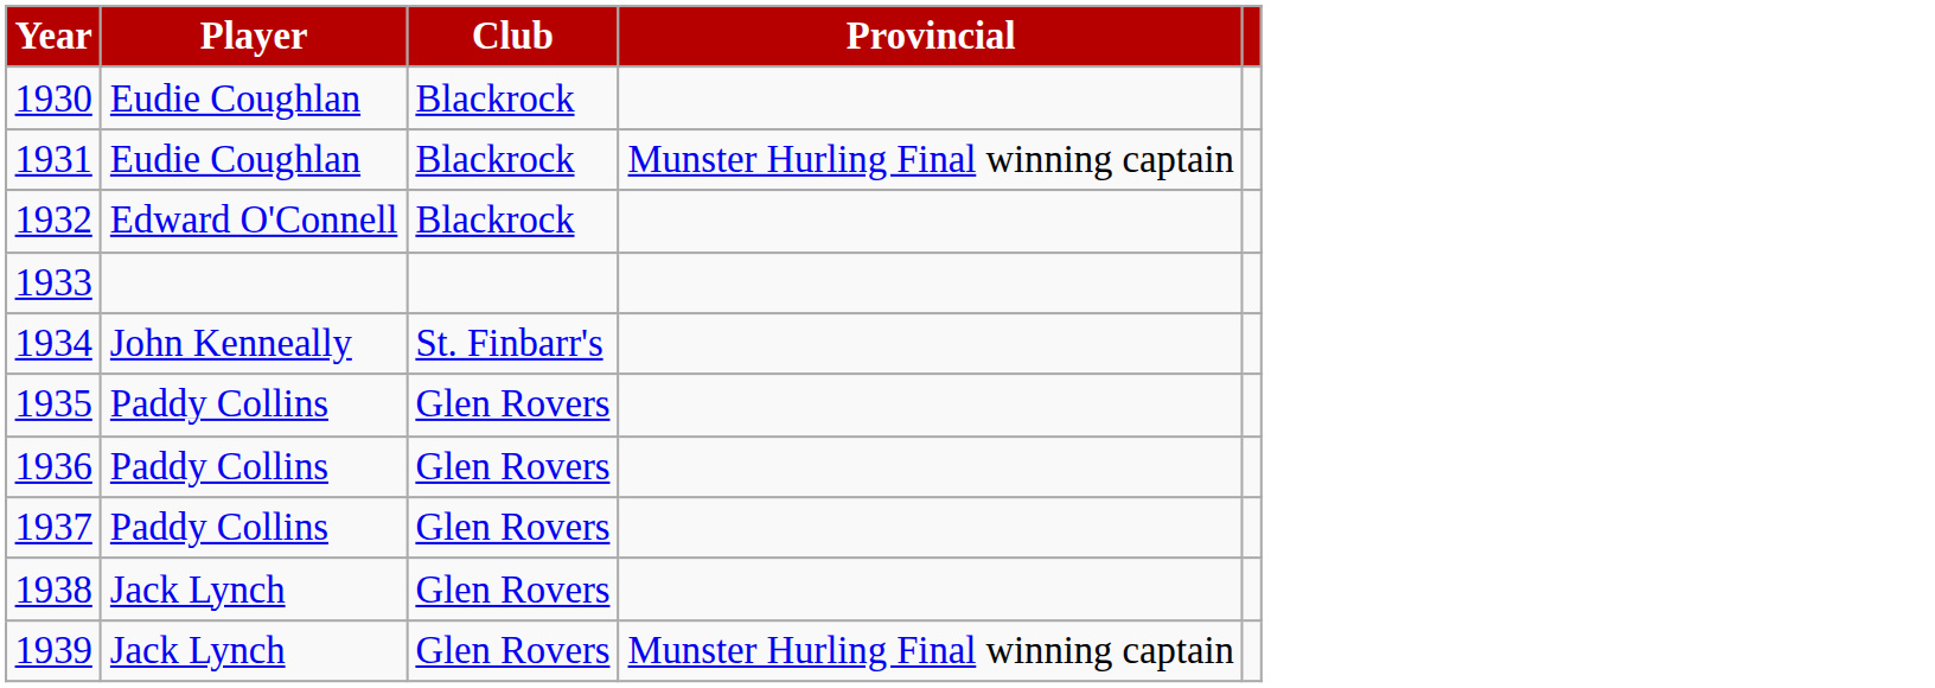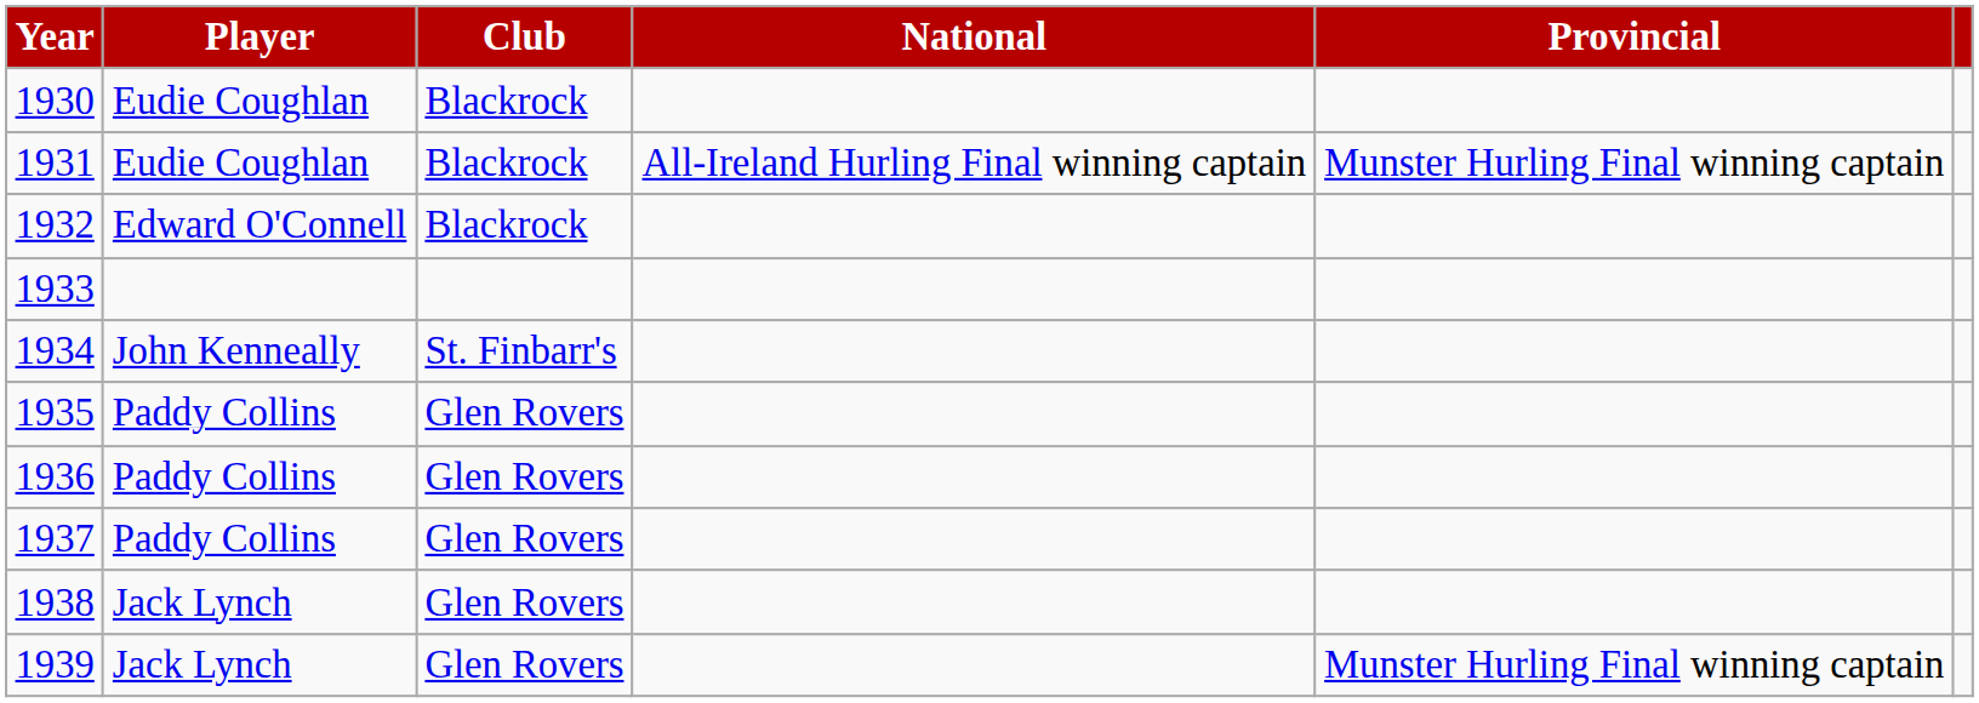 <table class="wikitable">
 <tr style="text-align:center;background:#B60000;color:white">
 <td><strong>Year</strong></td>
 <td><strong>Player</strong></td>
 <td><strong>Club</strong></td>
+<td><strong>National</strong></td>
 <td><strong>Provincial</strong></td>
 <td></td>
 </tr>
 <tr>
 <td style="text-align:left;"><a href='#'>1930</a></td>
 <td style="text-align:left;"><a href='#'>Eudie Coughlan</a></td>
 <td style="text-align:left;"><a href='#'>Blackrock</a></td>
 <td></td>
 <td></td>
+<td></td>
 </tr>
 <tr>
 <td style="text-align:left;"><a href='#'>1931</a></td>
 <td style="text-align:left;"><a href='#'>Eudie Coughlan</a></td>
 <td style="text-align:left;"><a href='#'>Blackrock</a></td>
+<td style="text-align:left;"><a href='#'>All-Ireland Hurling Final</a> winning captain</td>
 <td style="text-align:left;"><a href='#'>Munster Hurling Final</a> winning captain</td>
 <td></td>
 </tr>
 <tr>
 <td style="text-align:left;"><a href='#'>1932</a></td>
 <td style="text-align:left;"><a href='#'>Edward O'Connell</a></td>
 <td style="text-align:left;"><a href='#'>Blackrock</a></td>
 <td></td>
 <td></td>
+<td></td>
 </tr>
 <tr>
 <td style="text-align:left;"><a href='#'>1933</a></td>
 <td style="text-align:left;"></td>
 <td style="text-align:left;"></td>
+<td></td>
 <td></td>
 <td></td>
 </tr>
 <tr>
 <td style="text-align:left;"><a href='#'>1934</a></td>
 <td style="text-align:left;"><a href='#'>John Kenneally</a></td>
 <td style="text-align:left;"><a href='#'>St. Finbarr's</a></td>
 <td></td>
 <td></td>
+<td></td>
 </tr>
 <tr>
 <td style="text-align:left;"><a href='#'>1935</a></td>
 <td style="text-align:left;"><a href='#'>Paddy Collins</a></td>
 <td style="text-align:left;"><a href='#'>Glen Rovers</a></td>
+<td></td>
 <td></td>
 <td></td>
 </tr>
 <tr>
 <td style="text-align:left;"><a href='#'>1936</a></td>
 <td style="text-align:left;"><a href='#'>Paddy Collins</a></td>
 <td style="text-align:left;"><a href='#'>Glen Rovers</a></td>
 <td></td>
 <td></td>
+<td></td>
 </tr>
 <tr>
 <td style="text-align:left;"><a href='#'>1937</a></td>
 <td style="text-align:left;"><a href='#'>Paddy Collins</a></td>
 <td style="text-align:left;"><a href='#'>Glen Rovers</a></td>
+<td></td>
 <td></td>
 <td></td>
 </tr>
 <tr>
 <td style="text-align:left;"><a href='#'>1938</a></td>
 <td style="text-align:left;"><a href='#'>Jack Lynch</a></td>
 <td style="text-align:left;"><a href='#'>Glen Rovers</a></td>
 <td></td>
 <td></td>
+<td></td>
 </tr>
 <tr>
 <td style="text-align:left;"><a href='#'>1939</a></td>
 <td style="text-align:left;"><a href='#'>Jack Lynch</a></td>
 <td style="text-align:left;"><a href='#'>Glen Rovers</a></td>
+<td></td>
 <td style="text-align:left;"><a href='#'>Munster Hurling Final</a> winning captain</td>
 <td></td>
 </tr>
 </table>
